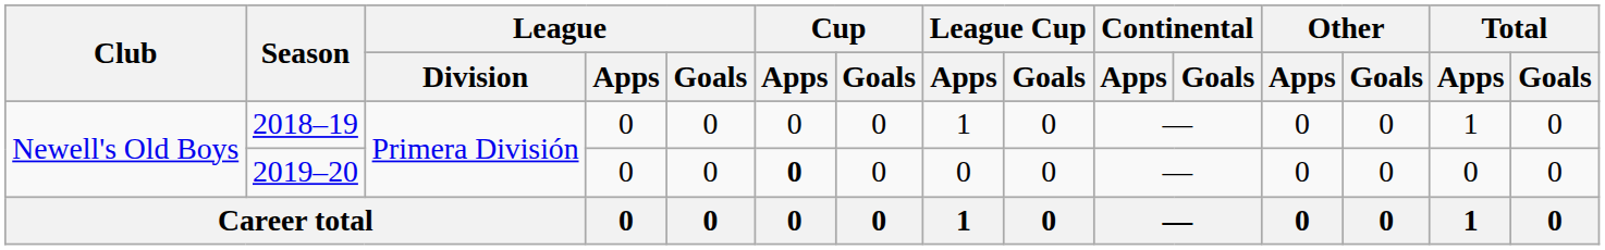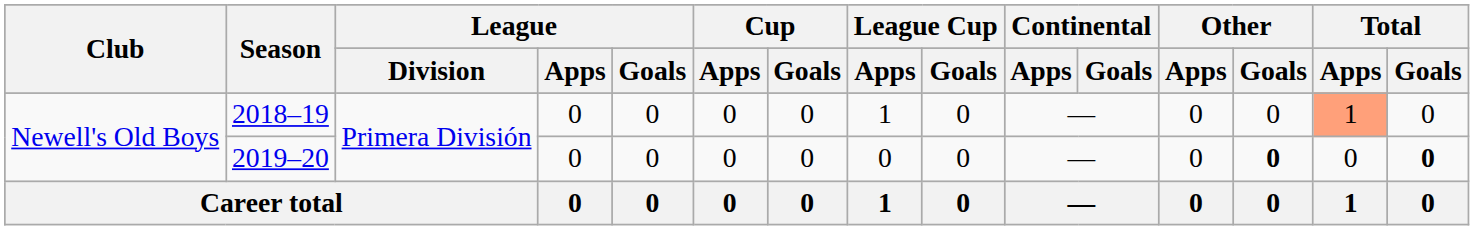 <table class="wikitable" style="text-align:center">
 <tr>
 <th rowspan="2">Club</th>
 <th rowspan="2">Season</th>
 <th colspan="3">League</th>
 <th colspan="2">Cup</th>
 <th colspan="2">League Cup</th>
 <th colspan="2">Continental</th>
 <th colspan="2">Other</th>
 <th colspan="2">Total</th>
 </tr>
 <tr>
 <th>Division</th>
 <th>Apps</th>
 <th>Goals</th>
 <th>Apps</th>
 <th>Goals</th>
 <th>Apps</th>
 <th>Goals</th>
 <th>Apps</th>
 <th>Goals</th>
 <th>Apps</th>
 <th>Goals</th>
 <th>Apps</th>
 <th>Goals</th>
 </tr>
 <tr>
 <td rowspan="2"><a href='#'>Newell's Old Boys</a></td>
 <td><a href='#'>2018–19</a></td>
 <td rowspan="2"><a href='#'>Primera División</a></td>
 <td>0</td>
 <td>0</td>
 <td>0</td>
 <td>0</td>
 <td>1</td>
 <td>0</td>
 <td colspan="2">—</td>
 <td>0</td>
 <td>0</td>
-<td>1</td>
+<td style="background: lightsalmon;">1</td>
 <td>0</td>
 </tr>
 <tr>
 <td><a href='#'>2019–20</a></td>
 <td>0</td>
 <td>0</td>
-<td><strong>0</strong></td>
+<td>0</td>
 <td>0</td>
 <td>0</td>
 <td>0</td>
 <td colspan="2">—</td>
 <td>0</td>
+<td><strong>0</strong></td>
 <td>0</td>
-<td>0</td>
-<td>0</td>
+<td><strong>0</strong></td>
 </tr>
 <tr>
 <th colspan="3">Career total</th>
 <th>0</th>
 <th>0</th>
 <th>0</th>
 <th>0</th>
 <th>1</th>
 <th>0</th>
 <th colspan="2">—</th>
 <th>0</th>
 <th>0</th>
 <th>1</th>
 <th>0</th>
 </tr>
 </table>
